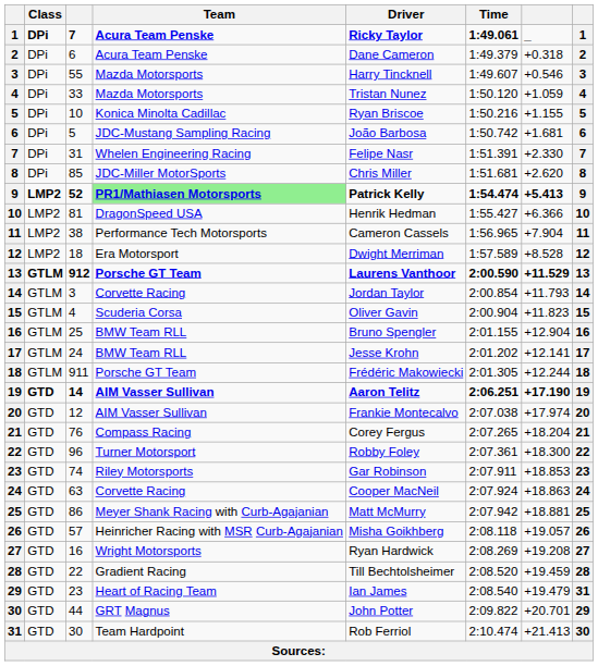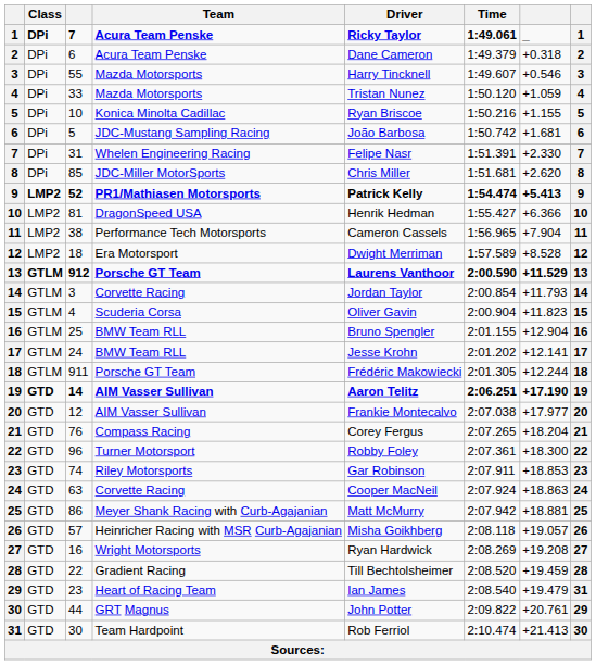 <table class="wikitable">
 <tr>
 <th scope="col"></th>
 <th scope="col">Class</th>
 <th scope="col"></th>
 <th scope="col">Team</th>
 <th scope="col">Driver</th>
 <th scope="col">Time</th>
 <th scope="col"></th>
 <th scope="col"></th>
 </tr>
 <tr style="font-weight:bold">
 <th scope="row">1</th>
 <td>DPi</td>
 <td>7</td>
 <td> <a href='#'>Acura Team Penske</a></td>
 <td> <a href='#'>Ricky Taylor</a></td>
 <td>1:49.061</td>
 <td>_</td>
 <th>1</th>
 </tr>
 <tr>
 <th scope="row">2</th>
 <td>DPi</td>
 <td>6</td>
 <td> <a href='#'>Acura Team Penske</a></td>
 <td> <a href='#'>Dane Cameron</a></td>
 <td>1:49.379</td>
 <td>+0.318</td>
 <th>2</th>
 </tr>
 <tr>
 <th scope="row">3</th>
 <td>DPi</td>
 <td>55</td>
 <td> <a href='#'>Mazda Motorsports</a></td>
 <td> <a href='#'>Harry Tincknell</a></td>
 <td>1:49.607</td>
 <td>+0.546</td>
 <th>3</th>
 </tr>
 <tr>
 <th scope="row">4</th>
 <td>DPi</td>
 <td>33</td>
 <td> <a href='#'>Mazda Motorsports</a></td>
 <td> <a href='#'>Tristan Nunez</a></td>
 <td>1:50.120</td>
 <td>+1.059</td>
 <th>4</th>
 </tr>
 <tr>
 <th scope="row">5</th>
 <td>DPi</td>
 <td>10</td>
 <td> <a href='#'>Konica Minolta Cadillac</a></td>
 <td> <a href='#'>Ryan Briscoe</a></td>
 <td>1:50.216</td>
 <td>+1.155</td>
 <th>5</th>
 </tr>
 <tr>
 <th scope="row">6</th>
 <td>DPi</td>
 <td>5</td>
 <td> <a href='#'>JDC-Mustang Sampling Racing</a></td>
 <td> <a href='#'>João Barbosa</a></td>
 <td>1:50.742</td>
 <td>+1.681</td>
 <th>6</th>
 </tr>
 <tr>
 <th scope="row">7</th>
 <td>DPi</td>
 <td>31</td>
 <td> <a href='#'>Whelen Engineering Racing</a></td>
 <td> <a href='#'>Felipe Nasr</a></td>
 <td>1:51.391</td>
 <td>+2.330</td>
 <th>7</th>
 </tr>
 <tr>
 <th scope="row">8</th>
 <td>DPi</td>
 <td>85</td>
 <td> <a href='#'>JDC-Miller MotorSports</a></td>
 <td> <a href='#'>Chris Miller</a></td>
 <td>1:51.681</td>
 <td>+2.620</td>
 <th>8</th>
 </tr>
 <tr style="font-weight:bold">
 <th scope="row">9</th>
 <td>LMP2</td>
 <td>52</td>
-<td style="background: lightgreen;"> <a href='#'>PR1/Mathiasen Motorsports</a></td>
+<td> <a href='#'>PR1/Mathiasen Motorsports</a></td>
 <td> Patrick Kelly</td>
 <td>1:54.474</td>
 <td>+5.413</td>
 <th>9</th>
 </tr>
 <tr>
 <th scope="row">10</th>
 <td>LMP2</td>
 <td>81</td>
 <td> <a href='#'>DragonSpeed USA</a></td>
 <td> Henrik Hedman</td>
 <td>1:55.427</td>
 <td>+6.366</td>
 <th>10</th>
 </tr>
 <tr>
 <th scope="row">11</th>
 <td>LMP2</td>
 <td>38</td>
 <td> Performance Tech Motorsports</td>
 <td> Cameron Cassels</td>
 <td>1:56.965</td>
 <td>+7.904</td>
 <th>11</th>
 </tr>
 <tr>
 <th scope="row">12</th>
 <td>LMP2</td>
 <td>18</td>
 <td> Era Motorsport</td>
 <td> <a href='#'>Dwight Merriman</a></td>
 <td>1:57.589</td>
 <td>+8.528</td>
 <th>12</th>
 </tr>
 <tr style="font-weight:bold">
 <th scope="row">13</th>
 <td>GTLM</td>
 <td>912</td>
 <td> <a href='#'>Porsche GT Team</a></td>
 <td> <a href='#'>Laurens Vanthoor</a></td>
 <td>2:00.590</td>
 <td>+11.529</td>
 <th>13</th>
 </tr>
 <tr>
 <th scope="row">14</th>
 <td>GTLM</td>
 <td>3</td>
 <td> <a href='#'>Corvette Racing</a></td>
 <td> <a href='#'>Jordan Taylor</a></td>
 <td>2:00.854</td>
 <td>+11.793</td>
 <th>14</th>
 </tr>
 <tr>
 <th scope="row">15</th>
 <td>GTLM</td>
 <td>4</td>
 <td> <a href='#'>Scuderia Corsa</a></td>
 <td> <a href='#'>Oliver Gavin</a></td>
 <td>2:00.904</td>
 <td>+11.823</td>
 <th>15</th>
 </tr>
 <tr>
 <th scope="row">16</th>
 <td>GTLM</td>
 <td>25</td>
 <td> <a href='#'>BMW Team RLL</a></td>
 <td> <a href='#'>Bruno Spengler</a></td>
 <td>2:01.155</td>
 <td>+12.904</td>
 <th>16</th>
 </tr>
 <tr>
 <th scope="row">17</th>
 <td>GTLM</td>
 <td>24</td>
 <td> <a href='#'>BMW Team RLL</a></td>
 <td> <a href='#'>Jesse Krohn</a></td>
 <td>2:01.202</td>
 <td>+12.141</td>
 <th>17</th>
 </tr>
 <tr>
 <th scope="row">18</th>
 <td>GTLM</td>
 <td>911</td>
 <td> <a href='#'>Porsche GT Team</a></td>
 <td> <a href='#'>Frédéric Makowiecki</a></td>
 <td>2:01.305</td>
 <td>+12.244</td>
 <th>18</th>
 </tr>
 <tr style="font-weight:bold">
 <th scope="row">19</th>
 <td>GTD</td>
 <td>14</td>
 <td> <a href='#'>AIM Vasser Sullivan</a></td>
 <td> <a href='#'>Aaron Telitz</a></td>
 <td>2:06.251</td>
 <td>+17.190</td>
 <th>19</th>
 </tr>
 <tr>
 <th scope="row">20</th>
 <td>GTD</td>
 <td>12</td>
 <td> <a href='#'>AIM Vasser Sullivan</a></td>
 <td> <a href='#'>Frankie Montecalvo</a></td>
 <td>2:07.038</td>
-<td>+17.974</td>
+<td>+17.977</td>
 <th>20</th>
 </tr>
 <tr>
 <th scope="row">21</th>
 <td>GTD</td>
 <td>76</td>
 <td> <a href='#'>Compass Racing</a></td>
 <td> Corey Fergus</td>
 <td>2:07.265</td>
 <td>+18.204</td>
 <th>21</th>
 </tr>
 <tr>
 <th scope="row">22</th>
 <td>GTD</td>
 <td>96</td>
 <td> <a href='#'>Turner Motorsport</a></td>
 <td> <a href='#'>Robby Foley</a></td>
 <td>2:07.361</td>
 <td>+18.300</td>
 <th>22</th>
 </tr>
 <tr>
 <th scope="row">23</th>
 <td>GTD</td>
 <td>74</td>
 <td> <a href='#'>Riley Motorsports</a></td>
 <td> <a href='#'>Gar Robinson</a></td>
 <td>2:07.911</td>
 <td>+18.853</td>
 <th>23</th>
 </tr>
 <tr>
 <th scope="row">24</th>
 <td>GTD</td>
 <td>63</td>
 <td> <a href='#'>Corvette Racing</a></td>
 <td> <a href='#'>Cooper MacNeil</a></td>
 <td>2:07.924</td>
 <td>+18.863</td>
 <th>24</th>
 </tr>
 <tr>
 <th scope="row">25</th>
 <td>GTD</td>
 <td>86</td>
 <td> <a href='#'>Meyer Shank Racing</a> with <a href='#'>Curb-Agajanian</a></td>
 <td> <a href='#'>Matt McMurry</a></td>
 <td>2:07.942</td>
 <td>+18.881</td>
 <th>25</th>
 </tr>
 <tr>
 <th scope="row">26</th>
 <td>GTD</td>
 <td>57</td>
 <td> Heinricher Racing with <a href='#'>MSR</a> <a href='#'>Curb-Agajanian</a></td>
 <td> <a href='#'>Misha Goikhberg</a></td>
 <td>2:08.118</td>
 <td>+19.057</td>
 <th>26</th>
 </tr>
 <tr>
 <th scope="row">27</th>
 <td>GTD</td>
 <td>16</td>
 <td> <a href='#'>Wright Motorsports</a></td>
 <td> Ryan Hardwick</td>
 <td>2:08.269</td>
 <td>+19.208</td>
 <th>27</th>
 </tr>
 <tr>
 <th scope="row">28</th>
 <td>GTD</td>
 <td>22</td>
 <td> Gradient Racing</td>
 <td> Till Bechtolsheimer</td>
 <td>2:08.520</td>
 <td>+19.459</td>
 <th>28</th>
 </tr>
 <tr>
 <th scope="row">29</th>
 <td>GTD</td>
 <td>23</td>
 <td> <a href='#'>Heart of Racing Team</a></td>
 <td> <a href='#'>Ian James</a></td>
 <td>2:08.540</td>
 <td>+19.479</td>
 <th>31</th>
 </tr>
 <tr>
 <th scope="row">30</th>
 <td>GTD</td>
 <td>44</td>
 <td> <a href='#'>GRT</a> <a href='#'>Magnus</a></td>
 <td> <a href='#'>John Potter</a></td>
 <td>2:09.822</td>
-<td>+20.701</td>
+<td>+20.761</td>
 <th>29</th>
 </tr>
 <tr>
 <th scope="row">31</th>
 <td>GTD</td>
 <td>30</td>
 <td> Team Hardpoint</td>
 <td> Rob Ferriol</td>
 <td>2:10.474</td>
 <td>+21.413</td>
 <th>30</th>
 </tr>
 <tr>
 <th colspan="8">Sources:</th>
 </tr>
 </table>
